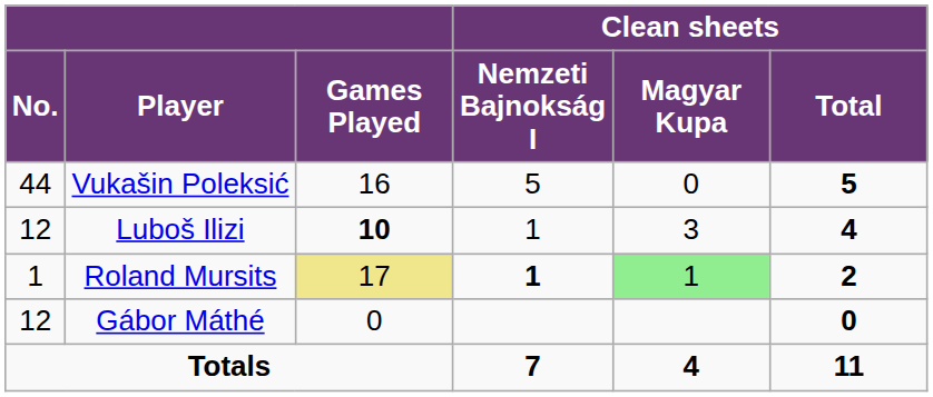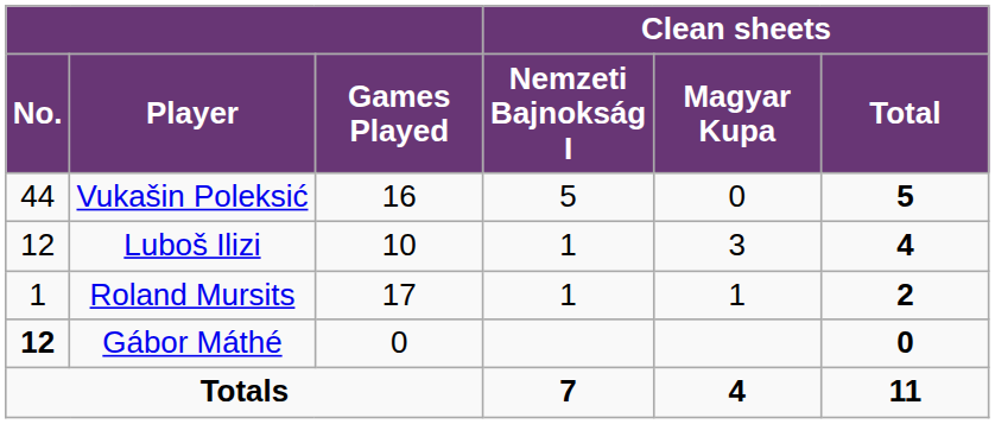 <table class="wikitable sortable alternance" style="text-align:center">
 <tr>
 <th colspan="3" style="background:#683675"></th>
 <th colspan="3" style="background:#683675; color:#FFFFFF">Clean sheets</th>
 </tr>
 <tr>
 <th style="background-color:#683675; color:#FFFFFF">No.</th>
 <th style="background-color:#683675; color:#FFFFFF">Player</th>
 <th width=80 style="background-color:#683675; color:#FFFFFF">Games Played</th>
 <th width=80 style="background-color:#683675; color:#FFFFFF">Nemzeti Bajnokság I</th>
 <th width=80 style="background-color:#683675; color:#FFFFFF">Magyar Kupa</th>
 <th width=80 style="background-color:#683675; color:#FFFFFF">Total</th>
 </tr>
 <tr>
 <td>44</td>
 <td> <a href='#'>Vukašin Poleksić</a></td>
 <td>16</td>
 <td>5</td>
 <td>0</td>
 <td><strong>5</strong></td>
 </tr>
 <tr>
 <td>12</td>
 <td> <a href='#'>Luboš Ilizi</a></td>
-<td><strong>10</strong></td>
+<td>10</td>
 <td>1</td>
 <td>3</td>
 <td><strong>4</strong></td>
 </tr>
 <tr>
 <td>1</td>
 <td> <a href='#'>Roland Mursits</a></td>
-<td style="background: khaki;">17</td>
-<td><strong>1</strong></td>
-<td style="background: lightgreen;">1</td>
+<td>17</td>
+<td>1</td>
+<td>1</td>
 <td><strong>2</strong></td>
 </tr>
 <tr>
-<td>12</td>
+<td><strong>12</strong></td>
 <td> <a href='#'>Gábor Máthé</a></td>
 <td>0</td>
 <td></td>
 <td></td>
 <td><strong>0</strong></td>
 </tr>
 <tr class="sortbottom">
 <td colspan="3"><strong>Totals</strong></td>
 <td><strong>7</strong></td>
 <td><strong>4</strong></td>
 <td><strong>11</strong></td>
 </tr>
 </table>
